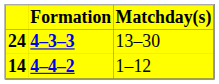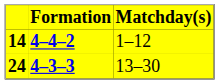 <table class="toccolours" border="0" cellpadding="2" cellspacing="0" align="center" style="margin: 0.5em 0 1em 1em; background: #000000; border: 1px #aaaaaa solid;">
 <tr bgcolor=#FFFF00>
 <th></th>
 <th>Formation</th>
 <th>Matchday(s)</th>
 </tr>
 <tr bgcolor=#FFFF00>
+<td><strong>14</strong></td>
+<td><a href='#'><span><strong>4–4–2</strong></span></a></td>
+<td>1–12</td>
+</tr>
+<tr bgcolor=#FFFF00>
 <td><strong>24</strong></td>
 <td><a href='#'><span><strong>4–3–3</strong></span></a></td>
 <td>13–30</td>
 </tr>
-<tr bgcolor=#FFFF00>
-<td><strong>14</strong></td>
-<td><a href='#'><span><strong>4–4–2</strong></span></a></td>
-<td>1–12</td>
-</tr>
 </table>
